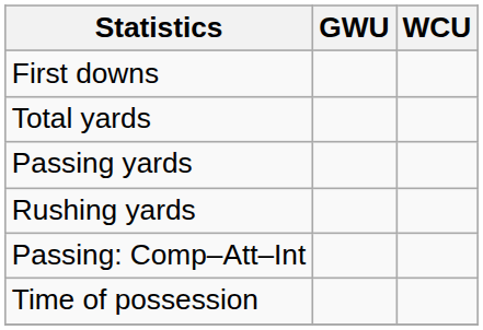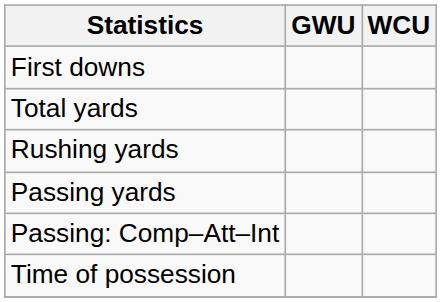 <table class="wikitable" style="float: left;">
 <tr>
 <th>Statistics</th>
 <th>GWU</th>
 <th>WCU</th>
 </tr>
 <tr>
 <td>First downs</td>
 <td></td>
 <td></td>
 </tr>
 <tr>
 <td>Total yards</td>
 <td></td>
 <td></td>
 </tr>
 <tr>
-<td>Passing yards</td>
+<td>Rushing yards</td>
 <td></td>
 <td></td>
 </tr>
 <tr>
-<td>Rushing yards</td>
+<td>Passing yards</td>
 <td></td>
 <td></td>
 </tr>
 <tr>
 <td>Passing: Comp–Att–Int</td>
 <td></td>
 <td></td>
 </tr>
 <tr>
 <td>Time of possession</td>
 <td></td>
 <td></td>
 </tr>
 <tr>
 </tr>
 </table>
